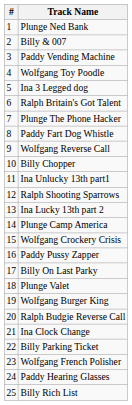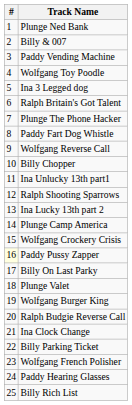 <table class="wikitable">
 <tr>
 <th>#</th>
 <th>Track Name</th>
 </tr>
 <tr>
 <td>1</td>
 <td>Plunge Ned Bank</td>
 </tr>
 <tr>
 <td>2</td>
 <td>Billy & 007</td>
 </tr>
 <tr>
 <td>3</td>
 <td>Paddy Vending Machine</td>
 </tr>
 <tr>
 <td>4</td>
 <td>Wolfgang Toy Poodle</td>
 </tr>
 <tr>
 <td>5</td>
 <td>Ina 3 Legged dog</td>
 </tr>
 <tr>
 <td>6</td>
 <td>Ralph Britain's Got Talent</td>
 </tr>
 <tr>
 <td>7</td>
 <td>Plunge The Phone Hacker</td>
 </tr>
 <tr>
 <td>8</td>
 <td>Paddy Fart Dog Whistle</td>
 </tr>
 <tr>
 <td>9</td>
 <td>Wolfgang Reverse Call</td>
 </tr>
 <tr>
 <td>10</td>
 <td>Billy Chopper</td>
 </tr>
 <tr>
 <td>11</td>
 <td>Ina Unlucky 13th part1</td>
 </tr>
 <tr>
 <td>12</td>
 <td>Ralph Shooting Sparrows</td>
 </tr>
 <tr>
 <td>13</td>
 <td>Ina Lucky 13th part 2</td>
 </tr>
 <tr>
 <td>14</td>
 <td>Plunge Camp America</td>
 </tr>
 <tr>
 <td>15</td>
 <td>Wolfgang Crockery Crisis</td>
 </tr>
 <tr>
-<td>16</td>
+<td style="background: lightyellow;">16</td>
 <td>Paddy Pussy Zapper</td>
 </tr>
 <tr>
 <td>17</td>
 <td>Billy On Last Parky</td>
 </tr>
 <tr>
 <td>18</td>
 <td>Plunge Valet</td>
 </tr>
 <tr>
 <td>19</td>
 <td>Wolfgang Burger King</td>
 </tr>
 <tr>
 <td>20</td>
 <td>Ralph Budgie Reverse Call</td>
 </tr>
 <tr>
 <td>21</td>
 <td>Ina Clock Change</td>
 </tr>
 <tr>
 <td>22</td>
 <td>Billy Parking Ticket</td>
 </tr>
 <tr>
 <td>23</td>
 <td>Wolfgang French Polisher</td>
 </tr>
 <tr>
 <td>24</td>
 <td>Paddy Hearing Glasses</td>
 </tr>
 <tr>
 <td>25</td>
 <td>Billy Rich List</td>
 </tr>
 </table>
